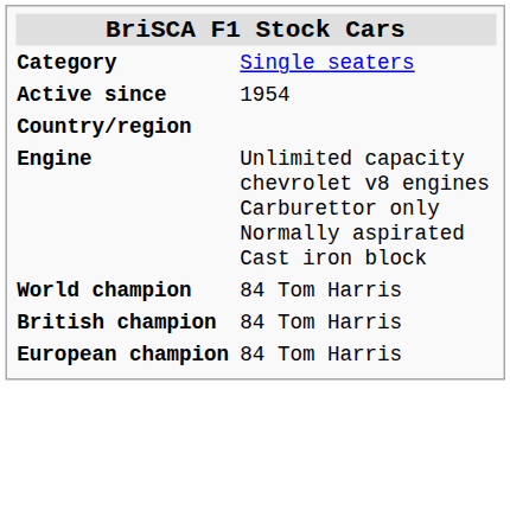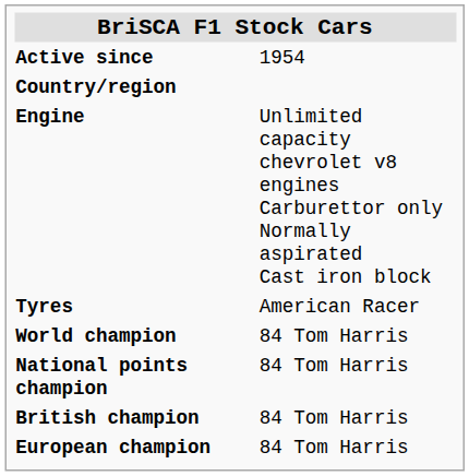 <table class="infobox" style="font-size: 90%; width: 24em;">
 <tr>
 <th colspan=2 style="text-align: center; font-size: larger; background:#dfdfdf;">BriSCA F1 Stock Cars</th>
-</tr>
-<tr>
-<td><strong>Category</strong></td>
-<td><a href='#'>Single seaters</a></td>
 </tr>
 <tr>
 <td><strong>Active since</strong></td>
 <td>1954</td>
 </tr>
 <tr>
 <td><strong>Country/region</strong></td>
 <td><br></td>
 </tr>
 <tr>
 <td><strong>Engine</strong></td>
 <td>Unlimited capacity<br>chevrolet v8 engines<br>Carburettor only<br> Normally aspirated<br> Cast iron block</td>
 </tr>
 <tr>
+<td><strong>Tyres</strong></td>
+<td>American Racer</td>
+</tr>
+<tr>
 <td><strong>World champion</strong></td>
+<td>  84 Tom Harris</td>
+</tr>
+<tr>
+<td><strong>National points champion</strong></td>
 <td>  84 Tom Harris</td>
 </tr>
 <tr>
 <td><strong>British champion</strong></td>
 <td>  84 Tom Harris</td>
 </tr>
 <tr>
 <td><strong>European champion</strong></td>
 <td> 84 Tom Harris</td>
 </tr>
 </table>
